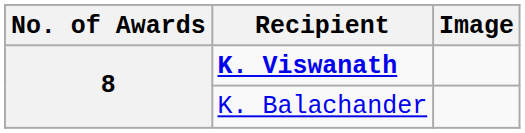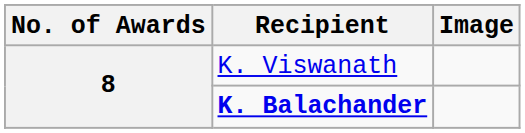 <table class="wikitable">
 <tr>
 <th>No. of Awards</th>
 <th>Recipient</th>
 <th>Image</th>
 </tr>
 <tr>
 <th rowspan=2>8</th>
-<td><strong><a href='#'>K. Viswanath</a></strong></td>
+<td><a href='#'>K. Viswanath</a></td>
 <td></td>
 </tr>
 <tr>
-<td><a href='#'>K. Balachander</a></td>
+<td><strong><a href='#'>K. Balachander</a></strong></td>
 <td></td>
 </tr>
 </table>
